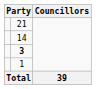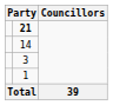 <table class="wikitable">
 <tr>
 <th colspan=2>Party</th>
 <th>Councillors</th>
 </tr>
 <tr>
 <td></td>
-<td align=center>21</td>
+<td align=center><strong>21</strong></td>
 </tr>
 <tr>
 <td></td>
 <td align=center>14</td>
 </tr>
 <tr>
 <td></td>
-<td align=center><strong>3</strong></td>
+<td align=center>3</td>
 </tr>
 <tr>
 <td></td>
 <td align=center>1</td>
 </tr>
 <tr>
 <th colspan=2>Total</th>
 <th align=center>39</th>
 </tr>
 </table>
